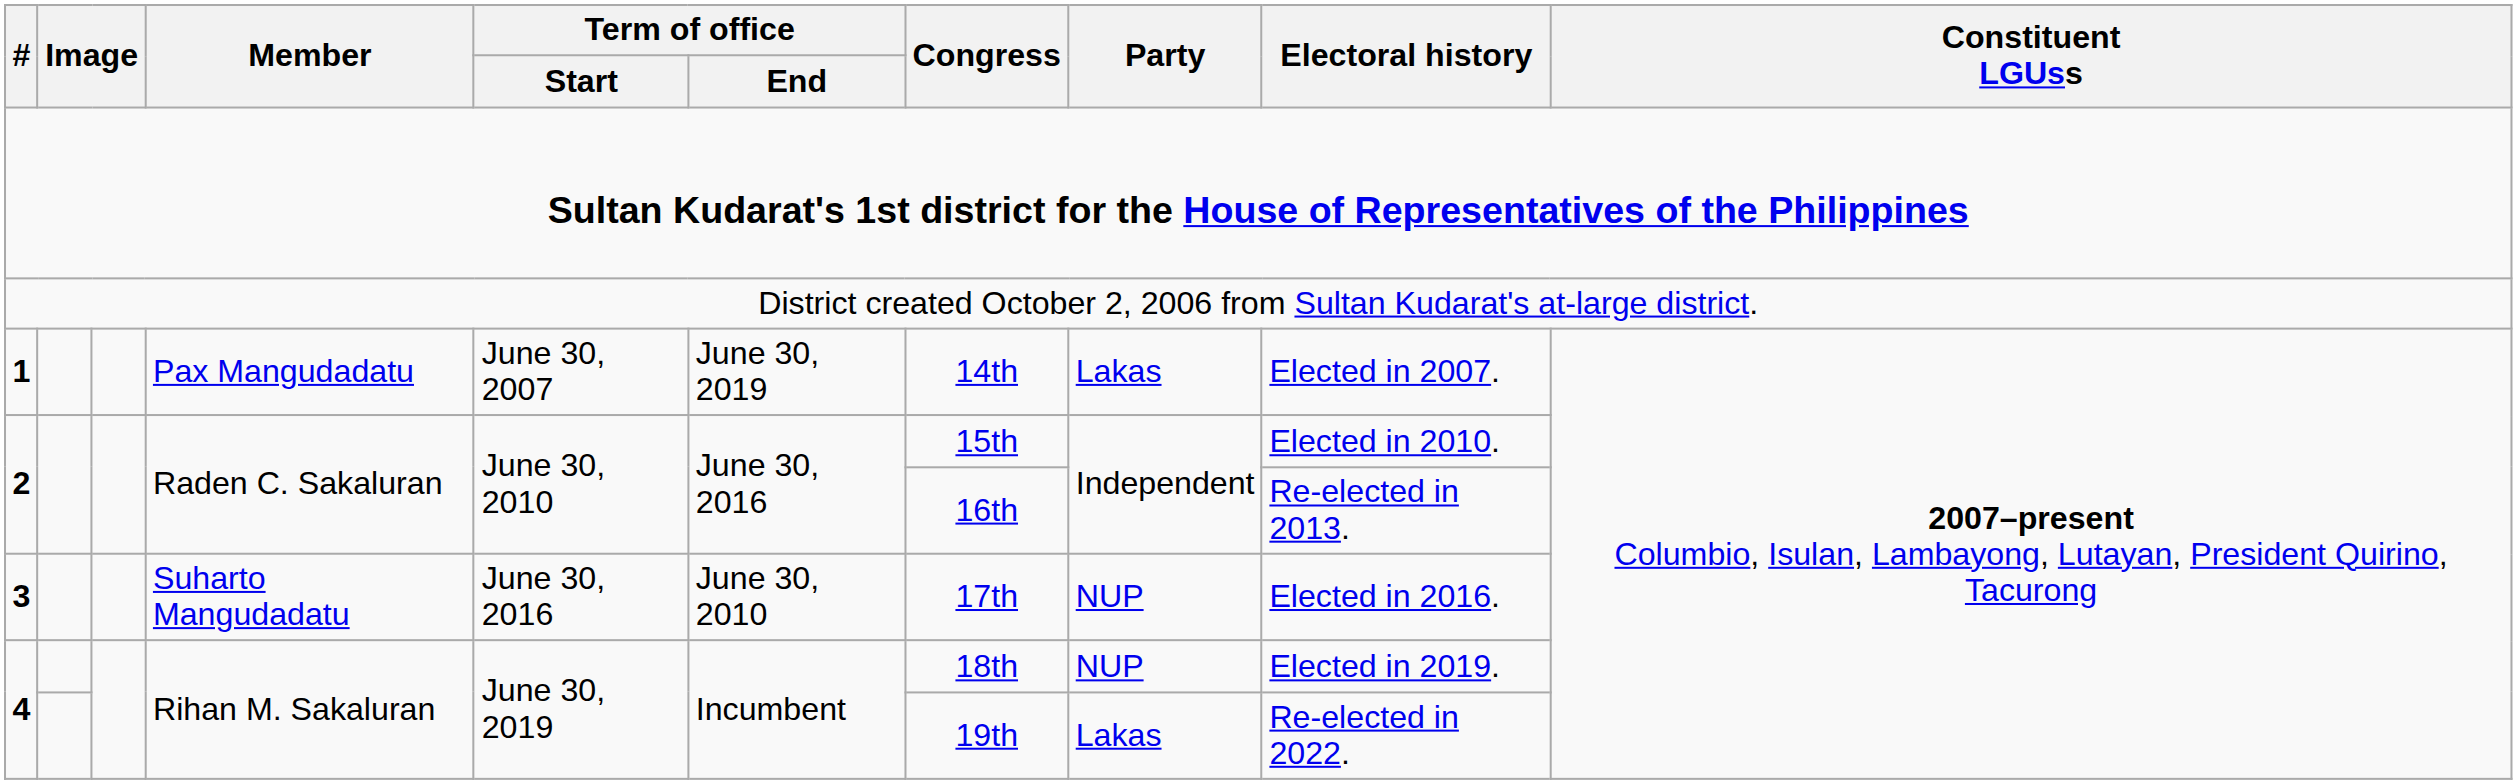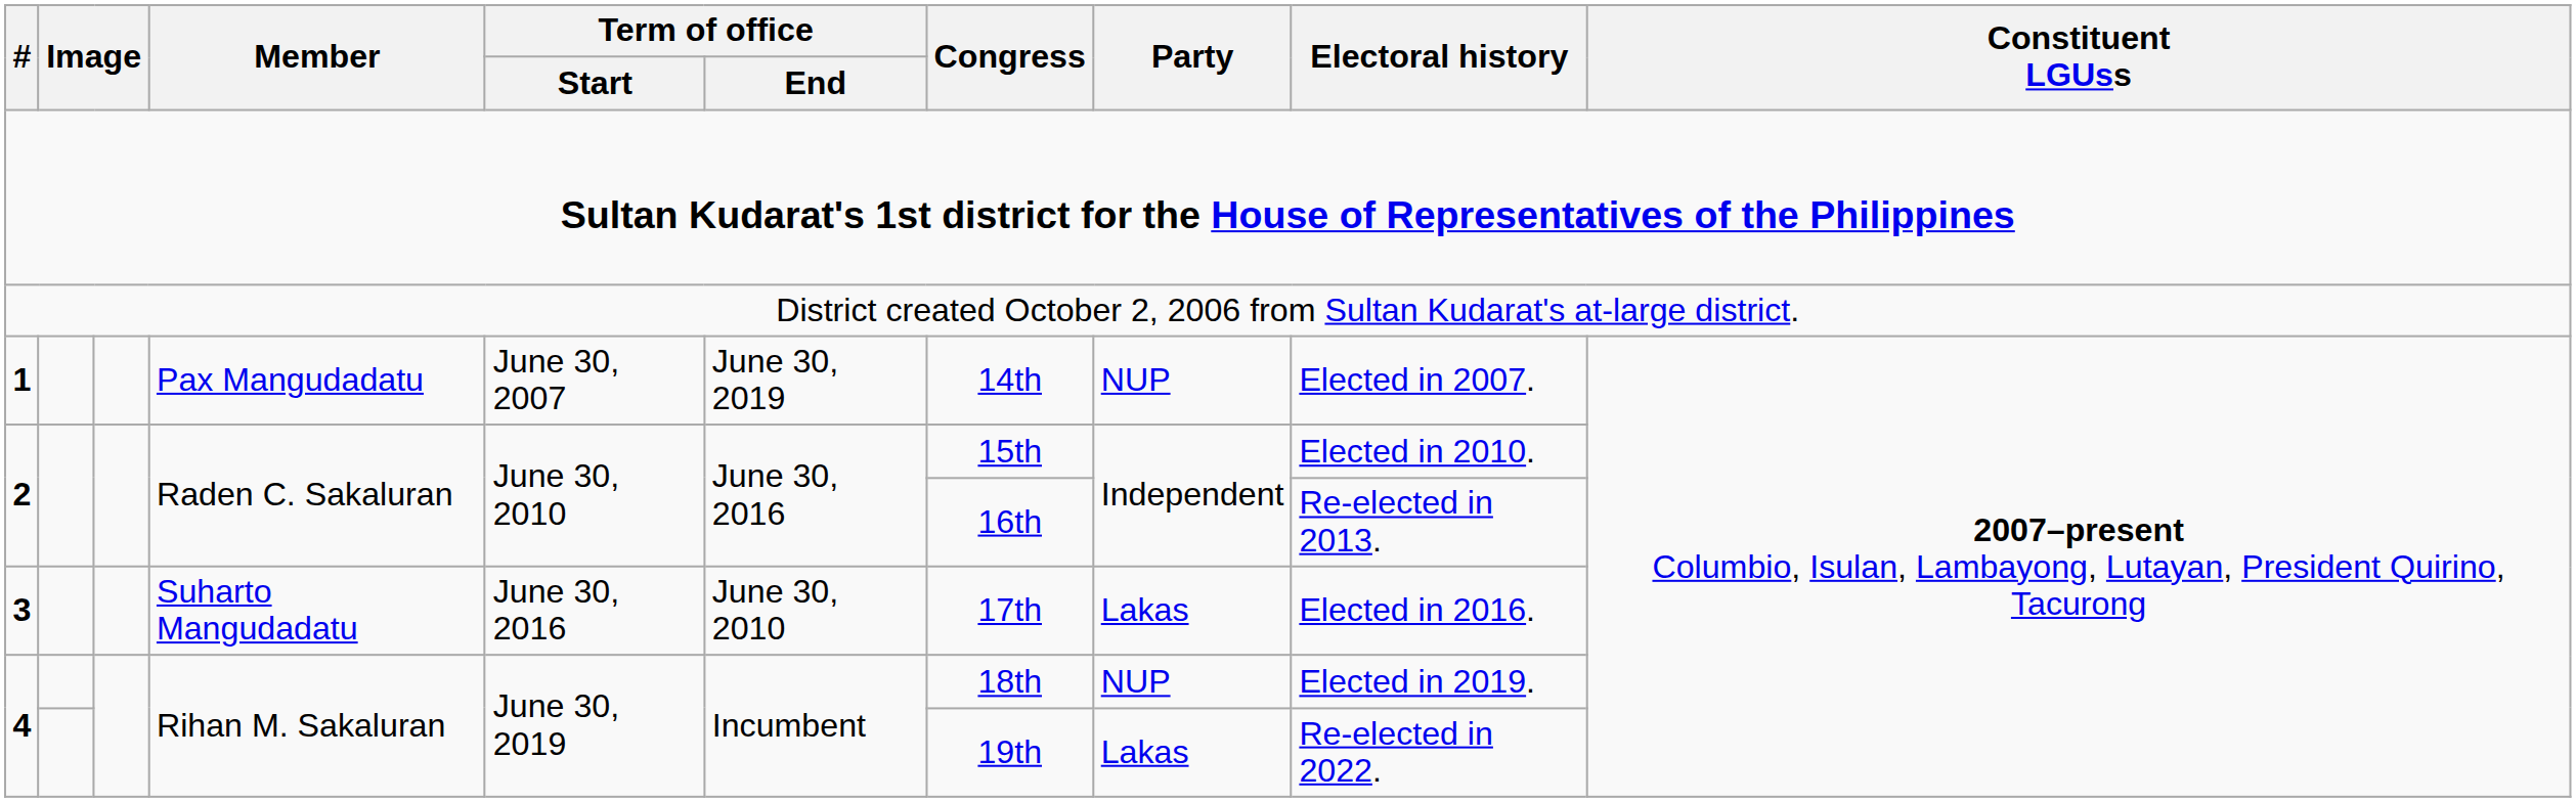 <table class=wikitable>
 <tr>
 <th rowspan="2">#</th>
 <th rowspan="2" colspan=2>Image</th>
 <th rowspan="2">Member</th>
 <th colspan=2>Term of office</th>
 <th rowspan="2">Congress</th>
 <th rowspan="2">Party</th>
 <th rowspan="2">Electoral history</th>
 <th rowspan="2">Constituent<br><a href='#'>LGUs</a>s</th>
 </tr>
 <tr>
 <th>Start</th>
 <th>End</th>
 </tr>
 <tr>
 <td colspan="10" style="text-align:center;"><br><h3>Sultan Kudarat's 1st district for the <a href='#'>House of Representatives of the Philippines</a></h3></td>
 </tr>
 <tr>
 <td colspan="10" style="text-align:center;">District created October 2, 2006 from <a href='#'>Sultan Kudarat's at-large district</a>.</td>
 </tr>
 <tr>
 <td style="text-align:center;"><strong>1</strong></td>
 <td style="color:inherit;background:"></td>
 <td></td>
 <td><a href='#'>Pax Mangudadatu</a></td>
 <td>June 30, 2007</td>
 <td>June 30, 2019</td>
 <td style="text-align:center;"><a href='#'>14th</a></td>
-<td><a href='#'>Lakas</a></td>
+<td><a href='#'>NUP</a></td>
 <td><a href='#'>Elected in 2007</a>.</td>
 <td rowspan=99 style="text-align:center;"><strong>2007–present</strong><br><a href='#'>Columbio</a>, <a href='#'>Isulan</a>, <a href='#'>Lambayong</a>, <a href='#'>Lutayan</a>, <a href='#'>President Quirino</a>, <a href='#'>Tacurong</a></td>
 </tr>
 <tr>
 <td rowspan="2" style="text-align:center;"><strong>2</strong></td>
 <td rowspan="2" style="color:inherit;background:"></td>
 <td rowspan="2"></td>
 <td rowspan="2">Raden C. Sakaluran</td>
 <td rowspan="2">June 30, 2010</td>
 <td rowspan="2">June 30, 2016</td>
 <td style="text-align:center;"><a href='#'>15th</a></td>
 <td rowspan="2">Independent</td>
 <td><a href='#'>Elected in 2010</a>.</td>
 </tr>
 <tr>
 <td style="text-align:center;"><a href='#'>16th</a></td>
 <td><a href='#'>Re-elected in 2013</a>.</td>
 </tr>
 <tr>
 <td style="text-align:center;"><strong>3</strong></td>
 <td style="color:inherit;background:"></td>
 <td></td>
 <td><a href='#'>Suharto Mangudadatu</a></td>
 <td>June 30, 2016</td>
 <td>June 30, 2010</td>
 <td style="text-align:center;"><a href='#'>17th</a></td>
-<td><a href='#'>NUP</a></td>
+<td><a href='#'>Lakas</a></td>
 <td><a href='#'>Elected in 2016</a>.</td>
 </tr>
 <tr>
 <td rowspan="2" style="text-align:center;"><strong>4</strong></td>
 <td style="color:inherit;background:"></td>
 <td rowspan="2"></td>
 <td rowspan="2">Rihan M. Sakaluran</td>
 <td rowspan="2">June 30, 2019</td>
 <td rowspan="2">Incumbent</td>
 <td style="text-align:center;"><a href='#'>18th</a></td>
 <td><a href='#'>NUP</a></td>
 <td><a href='#'>Elected in 2019</a>.</td>
 </tr>
 <tr>
 <td style="color:inherit;background:"></td>
 <td style="text-align:center;"><a href='#'>19th</a></td>
 <td><a href='#'>Lakas</a></td>
 <td><a href='#'>Re-elected in 2022</a>.</td>
 </tr>
 </table>
